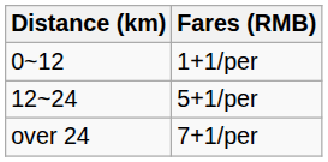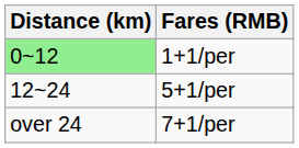 <table class="wikitable sortable">
 <tr>
 <th>Distance (km)</th>
 <th>Fares (RMB)</th>
 </tr>
 <tr>
-<td>0~12</td>
+<td style="background: lightgreen;">0~12</td>
 <td>1+1/per </td>
 </tr>
 <tr>
 <td>12~24</td>
 <td>5+1/per </td>
 </tr>
 <tr>
 <td>over 24</td>
 <td>7+1/per </td>
 </tr>
 </table>
